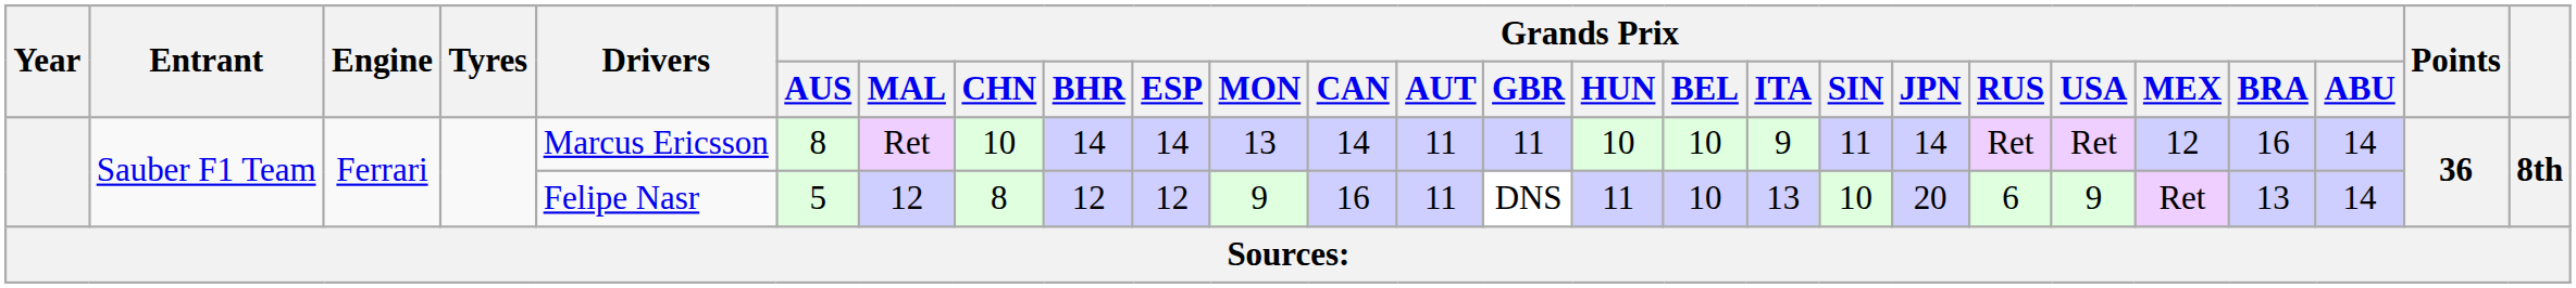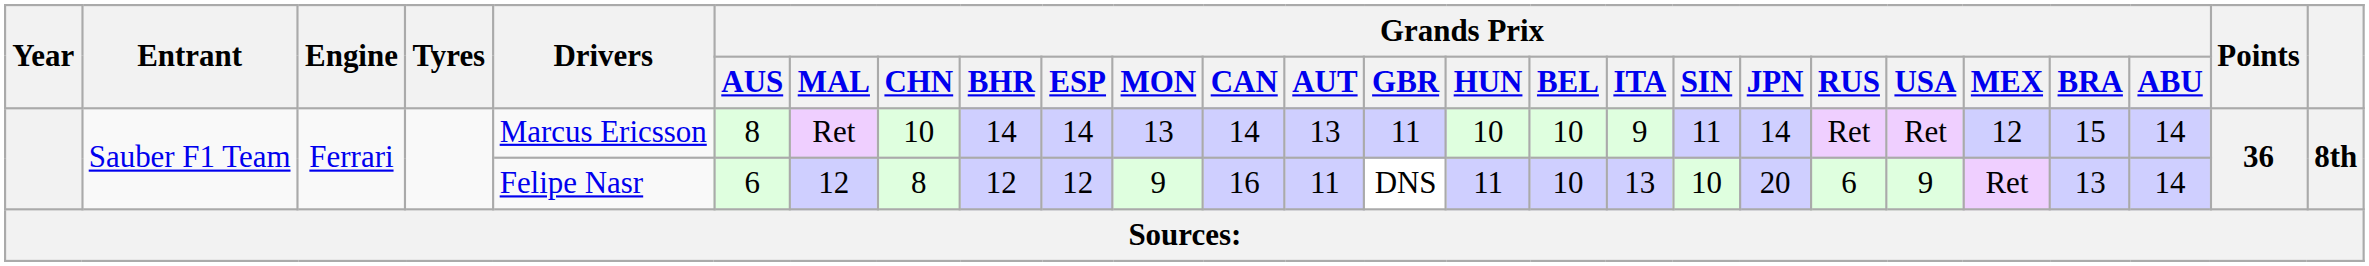 <table class="wikitable" style="text-align:center; font-size:90%">
 <tr>
 <th rowspan="2">Year</th>
 <th rowspan="2">Entrant</th>
 <th rowspan="2">Engine</th>
 <th rowspan="2">Tyres</th>
 <th rowspan="2">Drivers</th>
 <th colspan="19">Grands Prix</th>
 <th rowspan="2">Points</th>
 <th rowspan="2"></th>
 </tr>
 <tr>
 <th><a href='#'>AUS</a></th>
 <th><a href='#'>MAL</a></th>
 <th><a href='#'>CHN</a></th>
 <th><a href='#'>BHR</a></th>
 <th><a href='#'>ESP</a></th>
 <th><a href='#'>MON</a></th>
 <th><a href='#'>CAN</a></th>
 <th><a href='#'>AUT</a></th>
 <th><a href='#'>GBR</a></th>
 <th><a href='#'>HUN</a></th>
 <th><a href='#'>BEL</a></th>
 <th><a href='#'>ITA</a></th>
 <th><a href='#'>SIN</a></th>
 <th><a href='#'>JPN</a></th>
 <th><a href='#'>RUS</a></th>
 <th><a href='#'>USA</a></th>
 <th><a href='#'>MEX</a></th>
 <th><a href='#'>BRA</a></th>
 <th><a href='#'>ABU</a></th>
 </tr>
 <tr>
 <th rowspan=2></th>
 <td rowspan=2><a href='#'>Sauber F1 Team</a></td>
 <td rowspan=2><a href='#'>Ferrari</a></td>
 <td rowspan=2></td>
 <td align="left"> <a href='#'>Marcus Ericsson</a></td>
 <td style="background-color:#DFFFDF">8</td>
 <td style="background-color:#EFCFFF">Ret</td>
 <td style="background-color:#DFFFDF">10</td>
 <td style="background-color:#CFCFFF">14</td>
 <td style="background-color:#CFCFFF">14</td>
 <td style="background-color:#CFCFFF">13</td>
 <td style="background-color:#CFCFFF">14</td>
-<td style="background-color:#CFCFFF">11</td>
+<td style="background-color:#CFCFFF">13</td>
 <td style="background-color:#CFCFFF">11</td>
 <td style="background-color:#DFFFDF">10</td>
 <td style="background-color:#DFFFDF">10</td>
 <td style="background-color:#DFFFDF">9</td>
 <td style="background-color:#CFCFFF">11</td>
 <td style="background-color:#CFCFFF">14</td>
 <td style="background-color:#EFCFFF">Ret</td>
 <td style="background-color:#EFCFFF">Ret</td>
 <td style="background-color:#CFCFFF">12</td>
-<td style="background-color:#CFCFFF">16</td>
+<td style="background-color:#CFCFFF">15</td>
 <td style="background-color:#CFCFFF">14</td>
 <th rowspan="2">36</th>
 <th rowspan="2">8th</th>
 </tr>
 <tr>
 <td align="left"> <a href='#'>Felipe Nasr</a></td>
-<td style="background-color:#DFFFDF">5</td>
+<td style="background-color:#DFFFDF">6</td>
 <td style="background-color:#CFCFFF">12</td>
 <td style="background-color:#DFFFDF">8</td>
 <td style="background-color:#CFCFFF">12</td>
 <td style="background-color:#CFCFFF">12</td>
 <td style="background-color:#DFFFDF">9</td>
 <td style="background-color:#CFCFFF">16</td>
 <td style="background-color:#CFCFFF">11</td>
 <td style="background-color:#FFFFFF">DNS</td>
 <td style="background-color:#CFCFFF">11</td>
 <td style="background-color:#CFCFFF">10</td>
 <td style="background-color:#CFCFFF">13</td>
 <td style="background-color:#DFFFDF">10</td>
 <td style="background-color:#CFCFFF">20</td>
 <td style="background-color:#DFFFDF">6</td>
 <td style="background-color:#DFFFDF">9</td>
 <td style="background-color:#EFCFFF">Ret</td>
 <td style="background-color:#CFCFFF">13</td>
 <td style="background-color:#CFCFFF">14</td>
 </tr>
 <tr>
 <th colspan="26">Sources:</th>
 </tr>
 </table>
